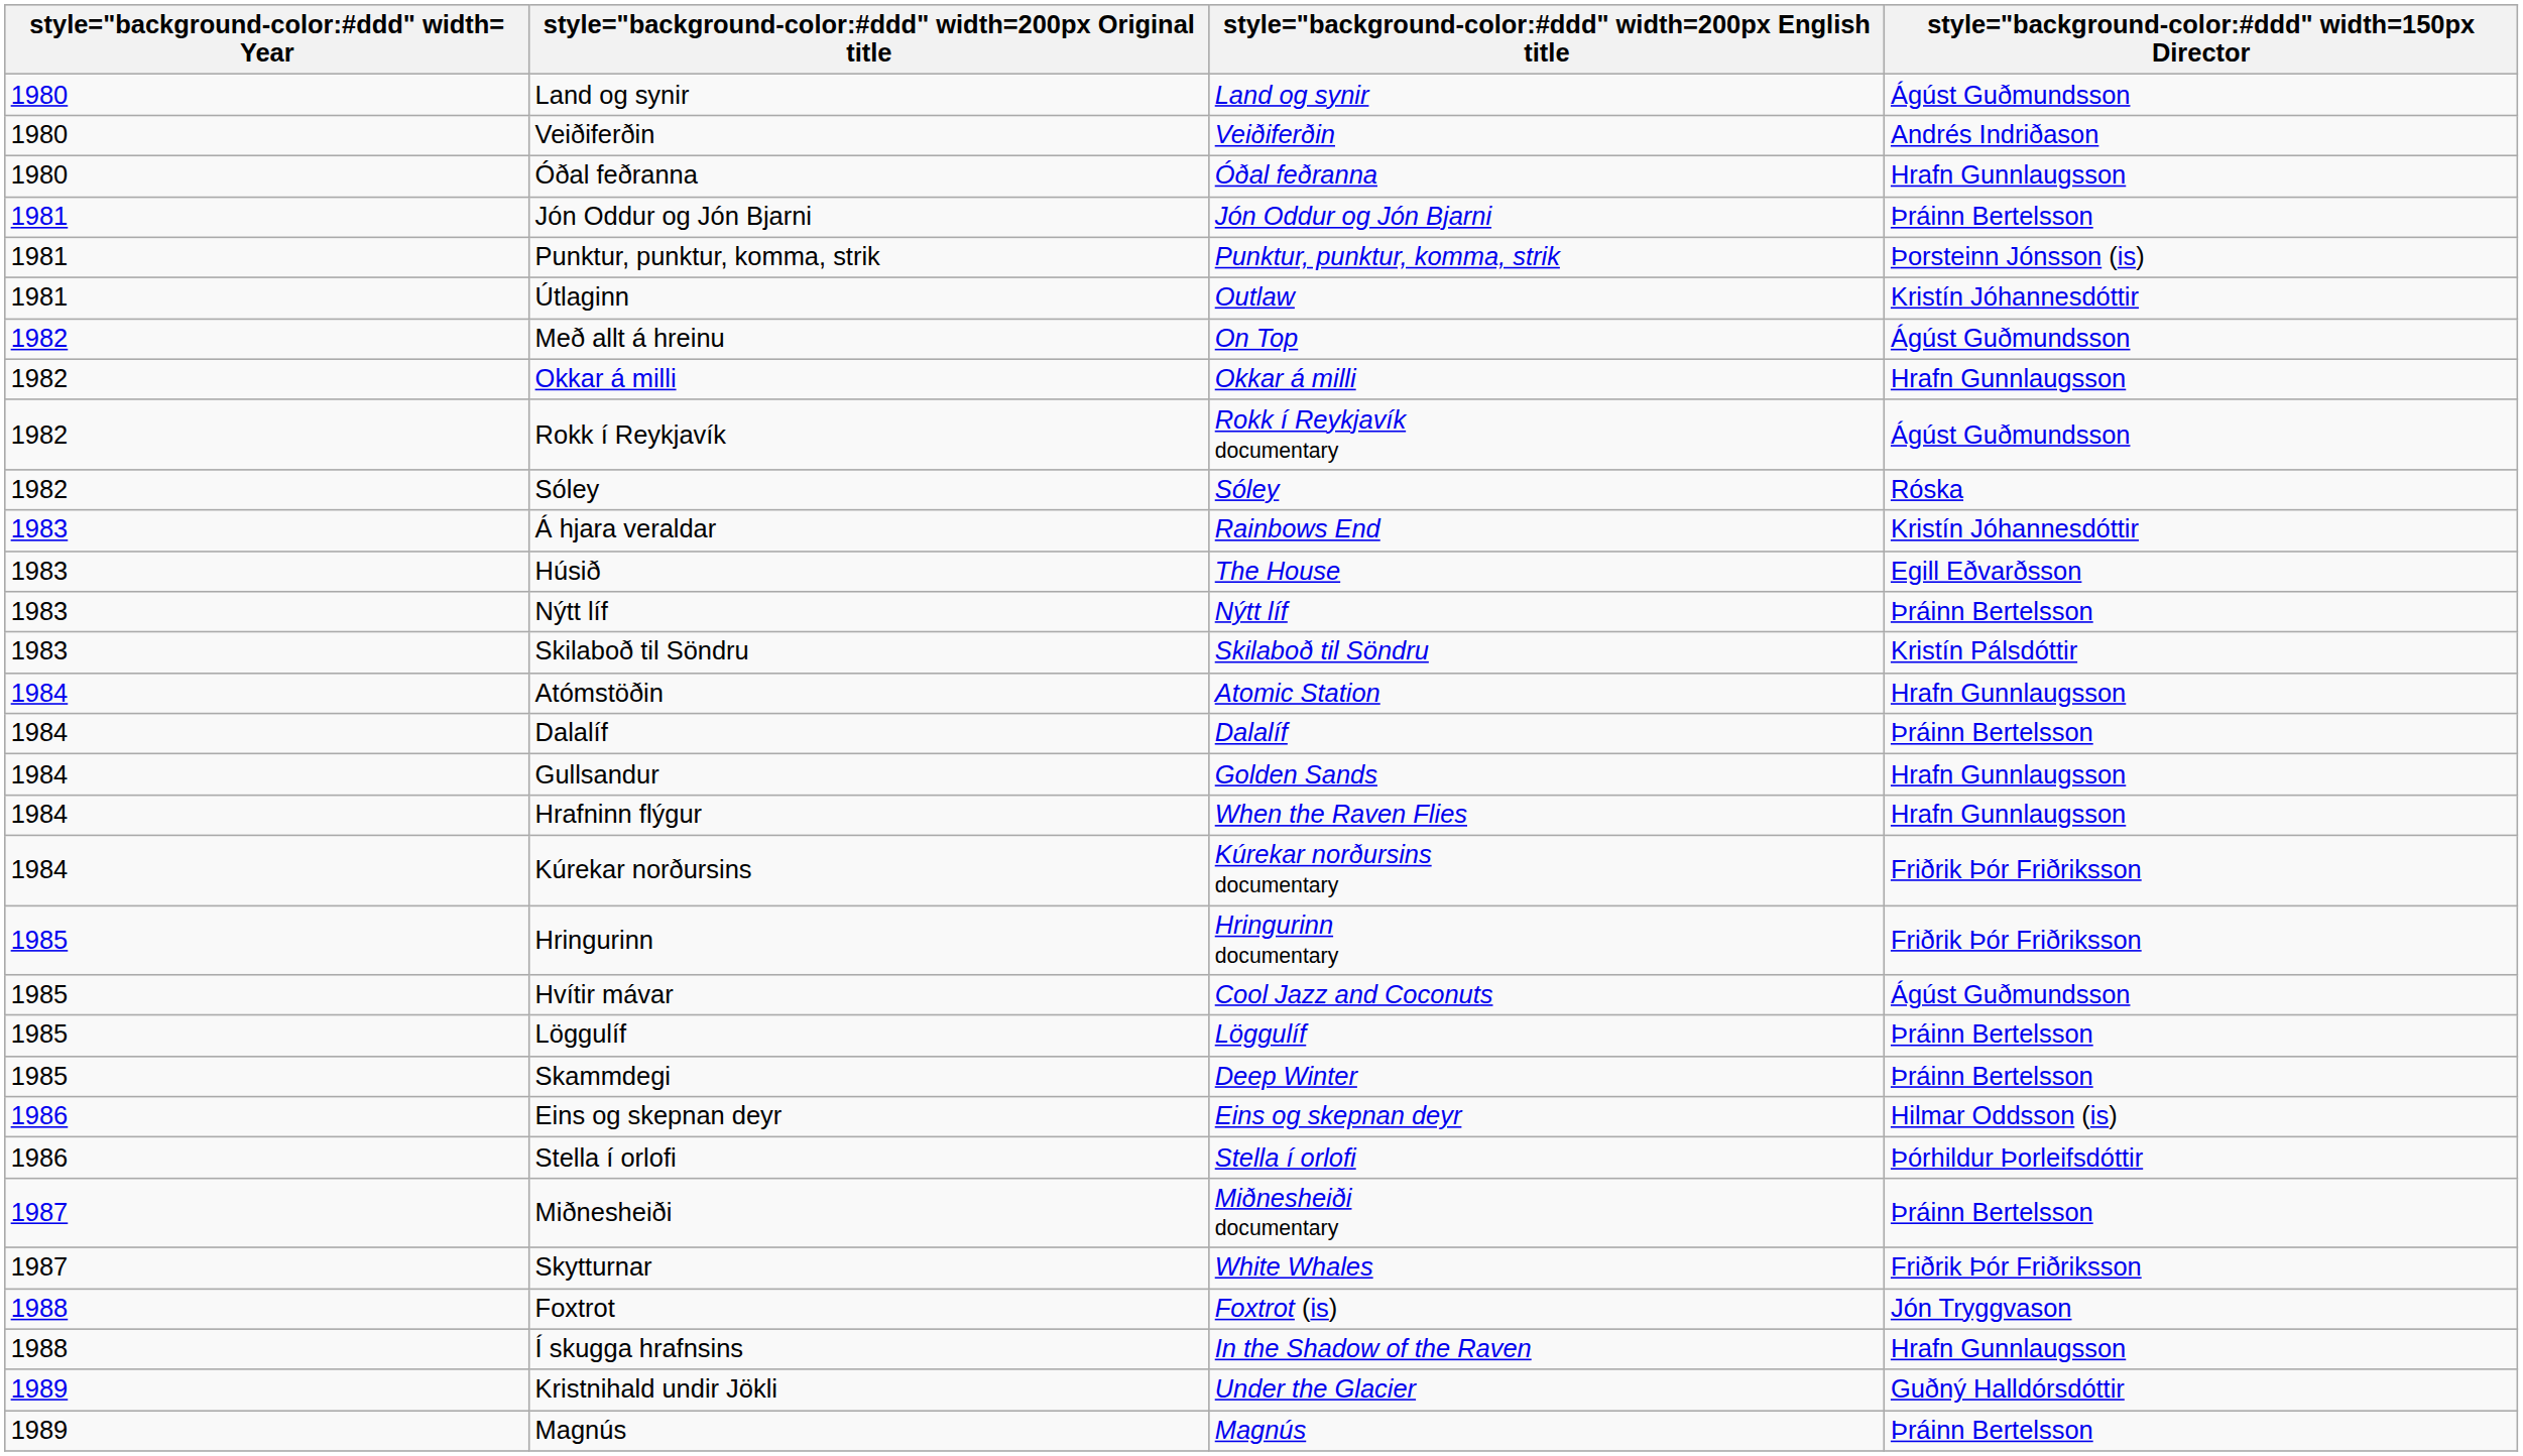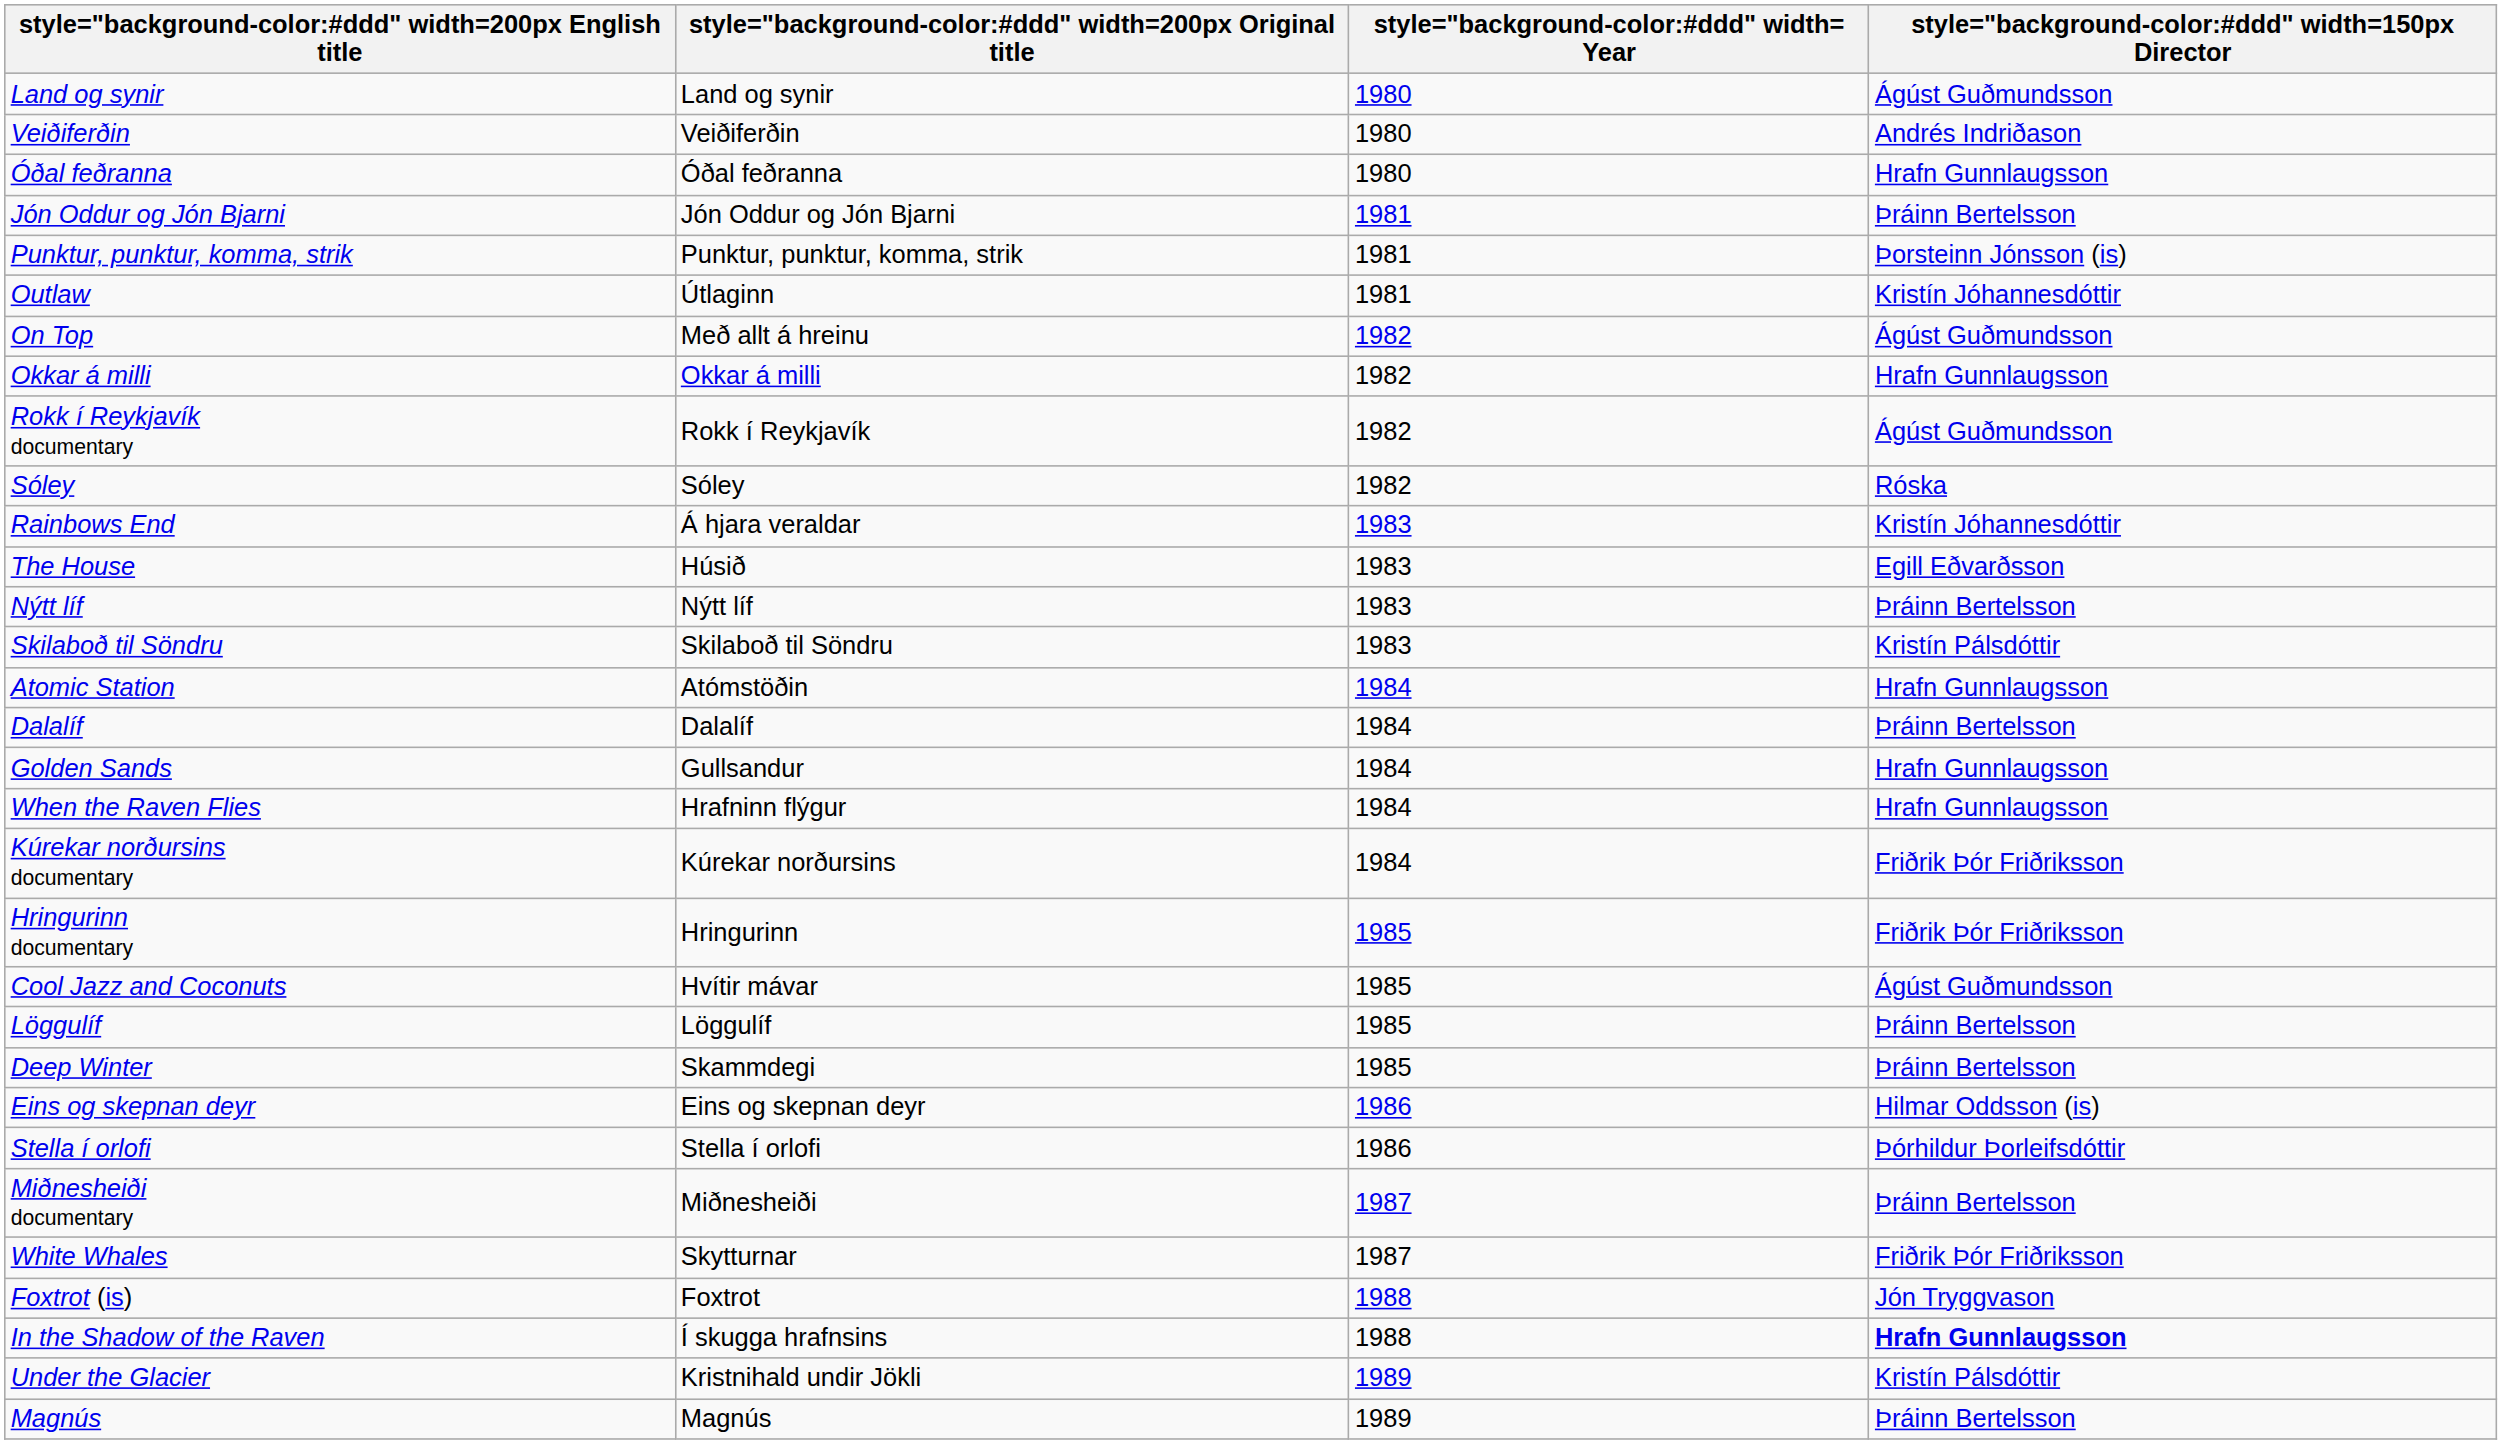 <table class="wikitable sortable">
 <tr>
+<th>style="background-color:#ddd" width=200px  English title</th>
+<th>style="background-color:#ddd" width=200px  Original title</th>
 <th>style="background-color:#ddd" width=  Year</th>
-<th>style="background-color:#ddd" width=200px  Original title</th>
-<th>style="background-color:#ddd" width=200px  English title</th>
 <th>style="background-color:#ddd" width=150px  Director</th>
 </tr>
 <tr>
+<td><em><a href='#'>Land og synir</a></em></td>
+<td>Land og synir</td>
 <td><a href='#'>1980</a></td>
-<td>Land og synir</td>
-<td><em><a href='#'>Land og synir</a></em></td>
 <td><a href='#'>Ágúst Guðmundsson</a></td>
 </tr>
 <tr>
+<td><em><a href='#'>Veiðiferðin</a></em></td>
+<td>Veiðiferðin</td>
 <td>1980</td>
-<td>Veiðiferðin</td>
-<td><em><a href='#'>Veiðiferðin</a></em></td>
 <td><a href='#'>Andrés Indriðason</a></td>
 </tr>
 <tr>
+<td><em><a href='#'>Óðal feðranna</a></em></td>
+<td>Óðal feðranna</td>
 <td>1980</td>
-<td>Óðal feðranna</td>
-<td><em><a href='#'>Óðal feðranna</a></em></td>
 <td><a href='#'>Hrafn Gunnlaugsson</a></td>
 </tr>
 <tr>
+<td><em><a href='#'>Jón Oddur og Jón Bjarni</a></em></td>
+<td>Jón Oddur og Jón Bjarni</td>
 <td><a href='#'>1981</a></td>
-<td>Jón Oddur og Jón Bjarni</td>
-<td><em><a href='#'>Jón Oddur og Jón Bjarni</a></em></td>
 <td><a href='#'>Þráinn Bertelsson</a></td>
 </tr>
 <tr>
+<td><em><a href='#'>Punktur, punktur, komma, strik</a></em></td>
+<td>Punktur, punktur, komma, strik</td>
 <td>1981</td>
-<td>Punktur, punktur, komma, strik</td>
-<td><em><a href='#'>Punktur, punktur, komma, strik</a></em></td>
 <td><a href='#'>Þorsteinn Jónsson</a> (<a href='#'>is</a>)</td>
 </tr>
 <tr>
+<td><em><a href='#'>Outlaw</a></em></td>
+<td>Útlaginn</td>
 <td>1981</td>
-<td>Útlaginn</td>
-<td><em><a href='#'>Outlaw</a></em></td>
 <td><a href='#'>Kristín Jóhannesdóttir</a></td>
 </tr>
 <tr>
+<td><em><a href='#'>On Top</a></em></td>
+<td>Með allt á hreinu</td>
 <td><a href='#'>1982</a></td>
-<td>Með allt á hreinu</td>
-<td><em><a href='#'>On Top</a></em></td>
 <td><a href='#'>Ágúst Guðmundsson</a></td>
 </tr>
 <tr>
+<td><em><a href='#'>Okkar á milli</a></em></td>
+<td><a href='#'>Okkar á milli</a></td>
 <td>1982</td>
-<td><a href='#'>Okkar á milli</a></td>
-<td><em><a href='#'>Okkar á milli</a></em></td>
 <td><a href='#'>Hrafn Gunnlaugsson</a></td>
 </tr>
 <tr>
+<td><em><a href='#'>Rokk í Reykjavík</a></em><br><small>documentary</small></td>
+<td>Rokk í Reykjavík</td>
 <td>1982</td>
-<td>Rokk í Reykjavík</td>
-<td><em><a href='#'>Rokk í Reykjavík</a></em><br><small>documentary</small></td>
 <td><a href='#'>Ágúst Guðmundsson</a></td>
 </tr>
 <tr>
+<td><em><a href='#'>Sóley</a></em></td>
+<td>Sóley</td>
 <td>1982</td>
-<td>Sóley</td>
-<td><em><a href='#'>Sóley</a></em></td>
 <td><a href='#'>Róska</a></td>
 </tr>
 <tr>
+<td><em><a href='#'>Rainbows End</a></em></td>
+<td>Á hjara veraldar</td>
 <td><a href='#'>1983</a></td>
-<td>Á hjara veraldar</td>
-<td><em><a href='#'>Rainbows End</a></em></td>
 <td><a href='#'>Kristín Jóhannesdóttir</a></td>
 </tr>
 <tr>
+<td><em><a href='#'>The House</a></em></td>
+<td>Húsið</td>
 <td>1983</td>
-<td>Húsið</td>
-<td><em><a href='#'>The House</a></em></td>
 <td><a href='#'>Egill Eðvarðsson</a></td>
 </tr>
 <tr>
+<td><em><a href='#'>Nýtt líf</a></em></td>
+<td>Nýtt líf</td>
 <td>1983</td>
-<td>Nýtt líf</td>
-<td><em><a href='#'>Nýtt líf</a></em></td>
 <td><a href='#'>Þráinn Bertelsson</a></td>
 </tr>
 <tr>
+<td><em><a href='#'>Skilaboð til Söndru</a></em></td>
+<td>Skilaboð til Söndru</td>
 <td>1983</td>
-<td>Skilaboð til Söndru</td>
-<td><em><a href='#'>Skilaboð til Söndru</a></em></td>
 <td><a href='#'>Kristín Pálsdóttir</a></td>
 </tr>
 <tr>
+<td><em><a href='#'>Atomic Station</a></em></td>
+<td>Atómstöðin</td>
 <td><a href='#'>1984</a></td>
-<td>Atómstöðin</td>
-<td><em><a href='#'>Atomic Station</a></em></td>
 <td><a href='#'>Hrafn Gunnlaugsson</a></td>
 </tr>
 <tr>
+<td><em><a href='#'>Dalalíf</a></em></td>
+<td>Dalalíf</td>
 <td>1984</td>
-<td>Dalalíf</td>
-<td><em><a href='#'>Dalalíf</a></em></td>
 <td><a href='#'>Þráinn Bertelsson</a></td>
 </tr>
 <tr>
+<td><em><a href='#'>Golden Sands</a></em></td>
+<td>Gullsandur</td>
 <td>1984</td>
-<td>Gullsandur</td>
-<td><em><a href='#'>Golden Sands</a></em></td>
 <td><a href='#'>Hrafn Gunnlaugsson</a></td>
 </tr>
 <tr>
+<td><em><a href='#'>When the Raven Flies</a></em></td>
+<td>Hrafninn flýgur</td>
 <td>1984</td>
-<td>Hrafninn flýgur</td>
-<td><em><a href='#'>When the Raven Flies</a></em></td>
 <td><a href='#'>Hrafn Gunnlaugsson</a></td>
 </tr>
 <tr>
+<td><em><a href='#'>Kúrekar norðursins</a></em><br><small>documentary</small></td>
+<td>Kúrekar norðursins</td>
 <td>1984</td>
-<td>Kúrekar norðursins</td>
-<td><em><a href='#'>Kúrekar norðursins</a></em><br><small>documentary</small></td>
 <td><a href='#'>Friðrik Þór Friðriksson</a></td>
 </tr>
 <tr>
+<td><em><a href='#'>Hringurinn</a></em><br><small>documentary</small></td>
+<td>Hringurinn</td>
 <td><a href='#'>1985</a></td>
-<td>Hringurinn</td>
-<td><em><a href='#'>Hringurinn</a></em><br><small>documentary</small></td>
 <td><a href='#'>Friðrik Þór Friðriksson</a></td>
 </tr>
 <tr>
+<td><em><a href='#'>Cool Jazz and Coconuts</a></em></td>
+<td>Hvítir mávar</td>
 <td>1985</td>
-<td>Hvítir mávar</td>
-<td><em><a href='#'>Cool Jazz and Coconuts</a></em></td>
 <td><a href='#'>Ágúst Guðmundsson</a></td>
 </tr>
 <tr>
+<td><em><a href='#'>Löggulíf</a></em></td>
+<td>Löggulíf</td>
 <td>1985</td>
-<td>Löggulíf</td>
-<td><em><a href='#'>Löggulíf</a></em></td>
 <td><a href='#'>Þráinn Bertelsson</a></td>
 </tr>
 <tr>
+<td><em><a href='#'>Deep Winter</a></em></td>
+<td>Skammdegi</td>
 <td>1985</td>
-<td>Skammdegi</td>
-<td><em><a href='#'>Deep Winter</a></em></td>
 <td><a href='#'>Þráinn Bertelsson</a></td>
 </tr>
 <tr>
+<td><em><a href='#'>Eins og skepnan deyr</a></em></td>
+<td>Eins og skepnan deyr</td>
 <td><a href='#'>1986</a></td>
-<td>Eins og skepnan deyr</td>
-<td><em><a href='#'>Eins og skepnan deyr</a></em></td>
 <td><a href='#'>Hilmar Oddsson</a> (<a href='#'>is</a>)</td>
 </tr>
 <tr>
+<td><em><a href='#'>Stella í orlofi</a></em></td>
+<td>Stella í orlofi</td>
 <td>1986</td>
-<td>Stella í orlofi</td>
-<td><em><a href='#'>Stella í orlofi</a></em></td>
 <td><a href='#'>Þórhildur Þorleifsdóttir</a></td>
 </tr>
 <tr>
+<td><em><a href='#'>Miðnesheiði</a></em><br><small>documentary</small></td>
+<td>Miðnesheiði</td>
 <td><a href='#'>1987</a></td>
-<td>Miðnesheiði</td>
-<td><em><a href='#'>Miðnesheiði</a></em><br><small>documentary</small></td>
 <td><a href='#'>Þráinn Bertelsson</a></td>
 </tr>
 <tr>
+<td><em><a href='#'>White Whales</a></em></td>
+<td>Skytturnar</td>
 <td>1987</td>
-<td>Skytturnar</td>
-<td><em><a href='#'>White Whales</a></em></td>
 <td><a href='#'>Friðrik Þór Friðriksson</a></td>
 </tr>
 <tr>
+<td><em><a href='#'>Foxtrot</a></em> (<a href='#'>is</a>)</td>
+<td>Foxtrot</td>
 <td><a href='#'>1988</a></td>
-<td>Foxtrot</td>
-<td><em><a href='#'>Foxtrot</a></em> (<a href='#'>is</a>)</td>
 <td><a href='#'>Jón Tryggvason</a></td>
 </tr>
 <tr>
+<td><em><a href='#'>In the Shadow of the Raven</a></em></td>
+<td>Í skugga hrafnsins</td>
 <td>1988</td>
-<td>Í skugga hrafnsins</td>
-<td><em><a href='#'>In the Shadow of the Raven</a></em></td>
-<td><a href='#'>Hrafn Gunnlaugsson</a></td>
+<td><strong><a href='#'>Hrafn Gunnlaugsson</a></strong></td>
 </tr>
 <tr>
+<td><em><a href='#'>Under the Glacier</a></em></td>
+<td>Kristnihald undir Jökli</td>
 <td><a href='#'>1989</a></td>
-<td>Kristnihald undir Jökli</td>
-<td><em><a href='#'>Under the Glacier</a></em></td>
-<td><a href='#'>Guðný Halldórsdóttir</a></td>
+<td><a href='#'>Kristín Pálsdóttir</a></td>
 </tr>
 <tr>
+<td><em><a href='#'>Magnús</a></em></td>
+<td>Magnús</td>
 <td>1989</td>
-<td>Magnús</td>
-<td><em><a href='#'>Magnús</a></em></td>
 <td><a href='#'>Þráinn Bertelsson</a></td>
 </tr>
 </table>
